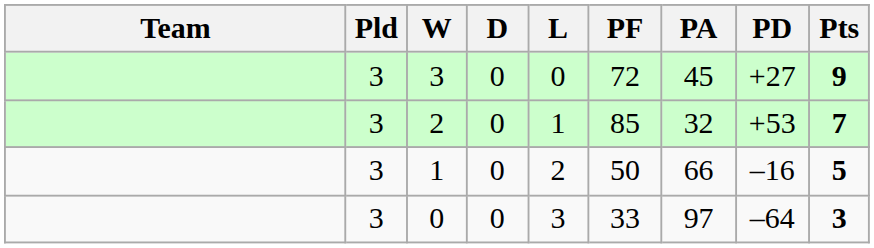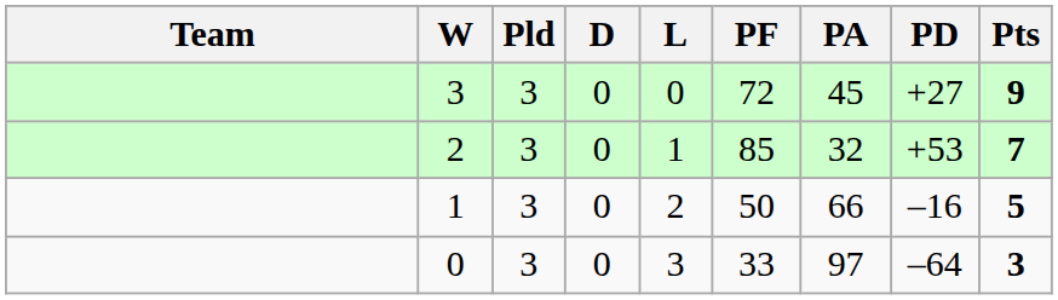 <table class="wikitable" style="text-align:center;">
 <tr>
 <th width=175>Team</th>
+<th width=25 abbr="Won">W</th>
 <th width=25 abbr="Played">Pld</th>
-<th width=25 abbr="Won">W</th>
 <th width=25 abbr="Drawn">D</th>
 <th width=25 abbr="Lost">L</th>
 <th width=32 abbr="Points for">PF</th>
 <th width=32 abbr="Points against">PA</th>
 <th width=32 abbr="Points difference">PD</th>
 <th width=25 abbr="Points">Pts</th>
 </tr>
 <tr bgcolor=ccffcc>
 <td align=left></td>
 <td>3</td>
 <td>3</td>
 <td>0</td>
 <td>0</td>
 <td>72</td>
 <td>45</td>
 <td>+27</td>
 <td><strong>9</strong></td>
 </tr>
 <tr bgcolor=ccffcc>
 <td align=left></td>
+<td>2</td>
 <td>3</td>
-<td>2</td>
 <td>0</td>
 <td>1</td>
 <td>85</td>
 <td>32</td>
 <td>+53</td>
 <td><strong>7</strong></td>
 </tr>
 <tr>
 <td align=left></td>
+<td>1</td>
 <td>3</td>
-<td>1</td>
 <td>0</td>
 <td>2</td>
 <td>50</td>
 <td>66</td>
 <td>–16</td>
 <td><strong>5</strong></td>
 </tr>
 <tr>
 <td align=left></td>
+<td>0</td>
 <td>3</td>
-<td>0</td>
 <td>0</td>
 <td>3</td>
 <td>33</td>
 <td>97</td>
 <td>–64</td>
 <td><strong>3</strong></td>
 </tr>
 </table>
